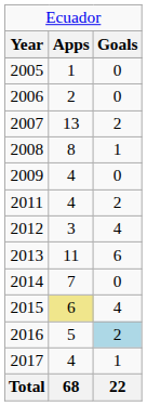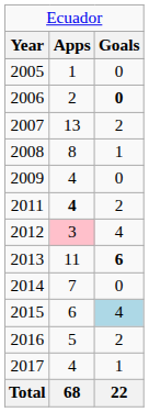 <table class="wikitable" style="text-align:center">
 <tr>
 <td colspan=4><a href='#'>Ecuador</a></td>
 </tr>
 <tr>
 <th>Year</th>
 <th>Apps</th>
 <th>Goals</th>
 </tr>
 <tr>
 </tr>
 <tr>
 <td>2005</td>
 <td>1</td>
 <td>0</td>
 </tr>
 <tr>
 <td>2006</td>
 <td>2</td>
-<td>0</td>
+<td><strong>0</strong></td>
 </tr>
 <tr>
 <td>2007</td>
 <td>13</td>
 <td>2</td>
 </tr>
 <tr>
 <td>2008</td>
 <td>8</td>
 <td>1</td>
 </tr>
 <tr>
 <td>2009</td>
 <td>4</td>
 <td>0</td>
 </tr>
 <tr>
 <td>2011</td>
-<td>4</td>
+<td><strong>4</strong></td>
 <td>2</td>
 </tr>
 <tr>
 <td>2012</td>
-<td>3</td>
+<td style="background: pink;">3</td>
 <td>4</td>
 </tr>
 <tr>
 <td>2013</td>
 <td>11</td>
-<td>6</td>
+<td><strong>6</strong></td>
 </tr>
 <tr>
 <td>2014</td>
 <td>7</td>
 <td>0</td>
 </tr>
 <tr>
 <td>2015</td>
-<td style="background: khaki;">6</td>
-<td>4</td>
+<td>6</td>
+<td style="background: lightblue;">4</td>
 </tr>
 <tr>
 <td>2016</td>
 <td>5</td>
-<td style="background: lightblue;">2</td>
+<td>2</td>
 </tr>
 <tr>
 <td>2017</td>
 <td>4</td>
 <td>1</td>
 </tr>
 <tr>
 <th>Total</th>
 <th>68</th>
 <th>22</th>
 </tr>
 </table>
